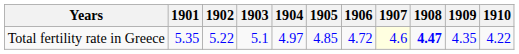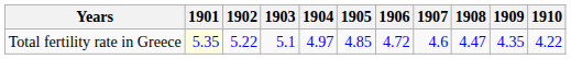 <table class="wikitable " style="text-align:right">
 <tr>
 <th>Years</th>
 <th>1901</th>
 <th>1902</th>
 <th>1903</th>
 <th>1904</th>
 <th>1905</th>
 <th>1906</th>
 <th>1907</th>
 <th>1908</th>
 <th>1909</th>
 <th>1910</th>
 </tr>
 <tr>
 <td align="left">Total fertility rate in Greece</td>
-<td style="text-align:right; color:blue;">5.35</td>
+<td style="background: lightyellow; text-align:right; color:blue;">5.35</td>
 <td style="text-align:right; color:blue;">5.22</td>
 <td style="text-align:right; color:blue;">5.1</td>
 <td style="text-align:right; color:blue;">4.97</td>
 <td style="text-align:right; color:blue;">4.85</td>
 <td style="text-align:right; color:blue;">4.72</td>
-<td style="background: lightyellow; text-align:right; color:blue;">4.6</td>
-<td style="text-align:right; color:blue;"><strong>4.47</strong></td>
+<td style="text-align:right; color:blue;">4.6</td>
+<td style="text-align:right; color:blue;">4.47</td>
 <td style="text-align:right; color:blue;">4.35</td>
 <td style="text-align:right; color:blue;">4.22</td>
 </tr>
 </table>
